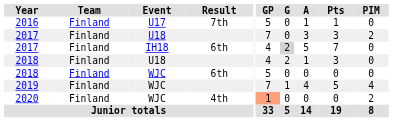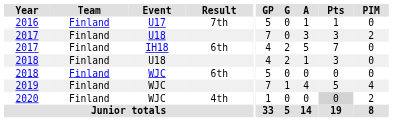 <table border="0" cellpadding="1" cellspacing="0" ID="Table3" style="text-align:center; width:40em">
 <tr ALIGN="center" bgcolor="#e0e0e0">
 <th>Year</th>
 <th>Team</th>
 <th>Event</th>
 <th>Result</th>
 <th rowspan="100" bgcolor="#ffffff"></th>
 <th>GP</th>
 <th>G</th>
 <th>A</th>
 <th>Pts</th>
 <th>PIM</th>
 </tr>
 <tr>
 <td><a href='#'>2016</a></td>
 <td><a href='#'>Finland</a></td>
 <td><a href='#'>U17</a></td>
 <td>7th</td>
 <td>5</td>
 <td>0</td>
 <td>1</td>
 <td>1</td>
 <td>0</td>
 </tr>
 <tr bgcolor="#f0f0f0">
 <td><a href='#'>2017</a></td>
 <td>Finland</td>
 <td><a href='#'>U18</a></td>
 <td></td>
 <td>7</td>
 <td>0</td>
 <td>3</td>
 <td>3</td>
 <td>2</td>
 </tr>
 <tr>
 <td><a href='#'>2017</a></td>
 <td>Finland</td>
 <td><a href='#'>IH18</a></td>
 <td>6th</td>
 <td>4</td>
-<td style="background: lightgrey;">2</td>
+<td>2</td>
 <td>5</td>
 <td>7</td>
 <td>0</td>
 </tr>
 <tr bgcolor="#f0f0f0">
 <td><a href='#'>2018</a></td>
 <td>Finland</td>
 <td>U18</td>
 <td></td>
 <td>4</td>
 <td>2</td>
 <td>1</td>
 <td>3</td>
 <td>0</td>
 </tr>
 <tr>
 <td><a href='#'>2018</a></td>
 <td><a href='#'>Finland</a></td>
 <td><a href='#'>WJC</a></td>
 <td>6th</td>
 <td>5</td>
 <td>0</td>
 <td>0</td>
 <td>0</td>
 <td>0</td>
 </tr>
 <tr bgcolor="#f0f0f0">
 <td><a href='#'>2019</a></td>
 <td>Finland</td>
 <td>WJC</td>
 <td></td>
 <td>7</td>
 <td>1</td>
 <td>4</td>
 <td>5</td>
 <td>4</td>
 </tr>
 <tr>
 <td><a href='#'>2020</a></td>
 <td>Finland</td>
 <td>WJC</td>
 <td>4th</td>
-<td style="background: lightsalmon;">1</td>
+<td>1</td>
 <td>0</td>
 <td>0</td>
-<td>0</td>
+<td style="background: lightgrey;">0</td>
 <td>2</td>
 </tr>
 <tr bgcolor="#e0e0e0">
 <th colspan="4">Junior totals</th>
 <th>33</th>
 <th>5</th>
 <th>14</th>
 <th>19</th>
 <th>8</th>
 </tr>
 </table>
